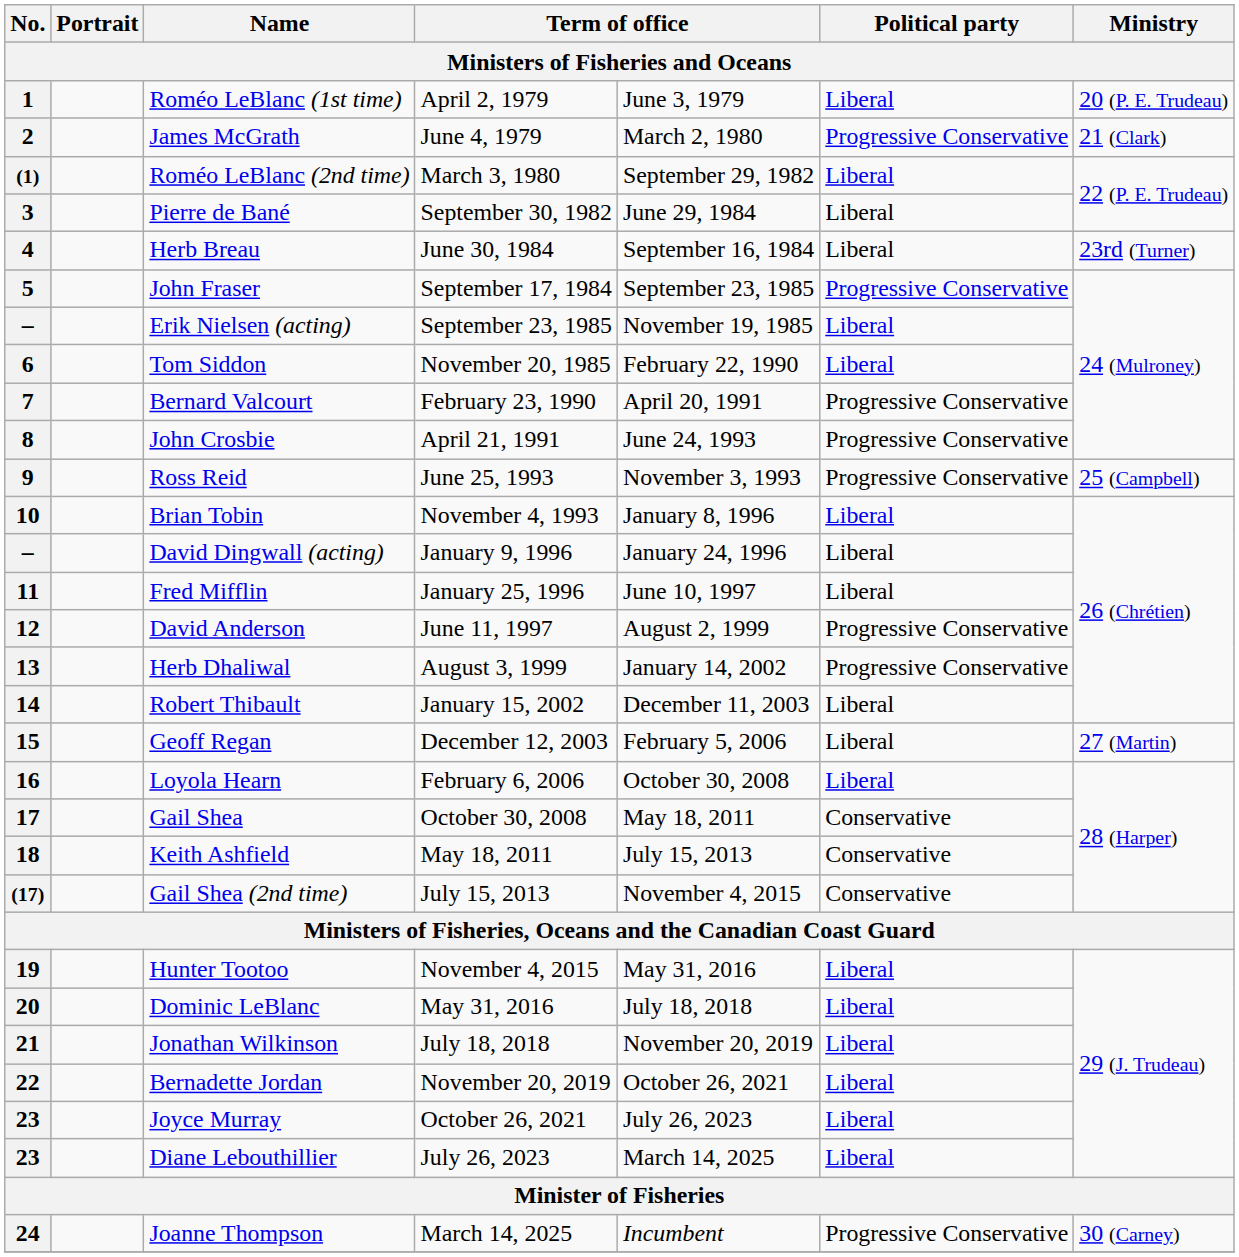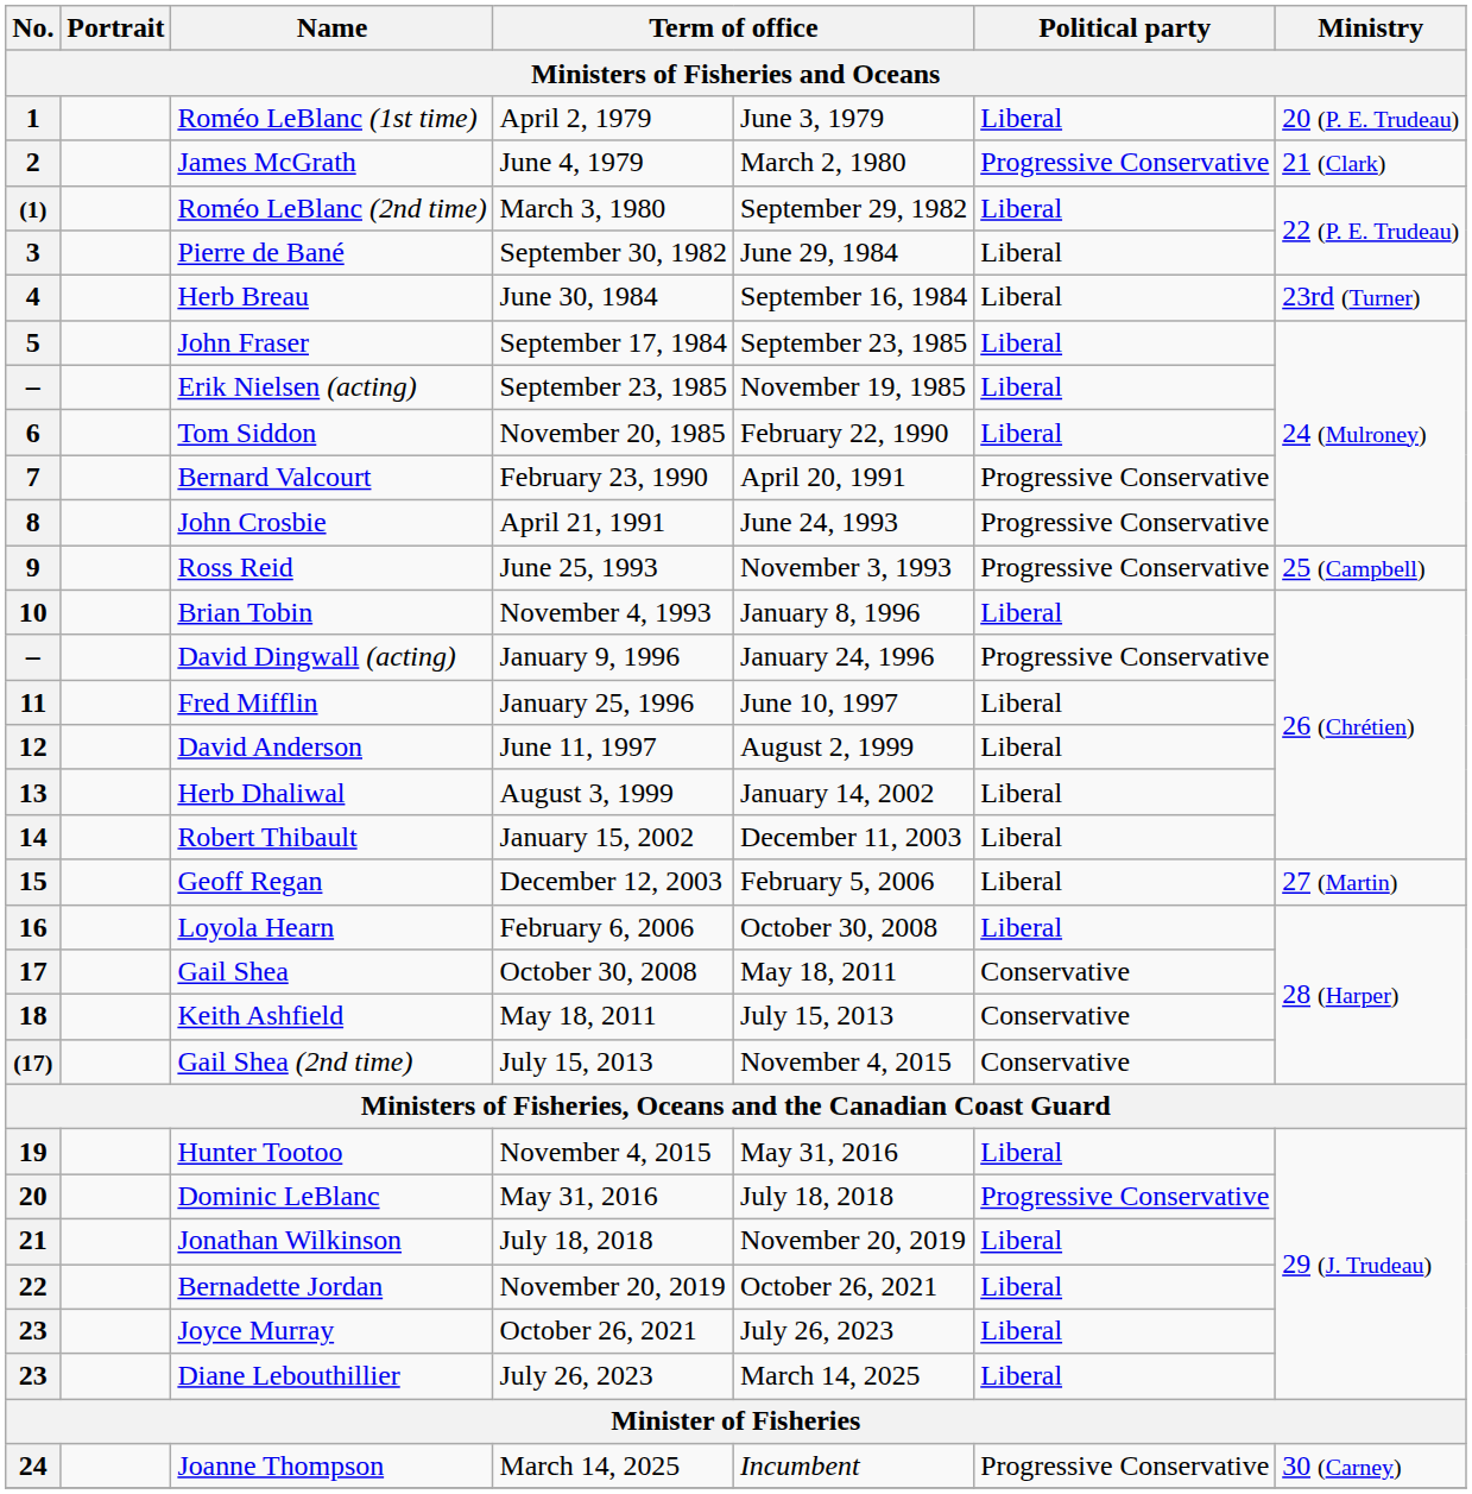 <table class="wikitable">
 <tr>
 <th>No.</th>
 <th>Portrait</th>
 <th>Name</th>
 <th colspan=2>Term of office</th>
 <th>Political party</th>
 <th>Ministry</th>
 </tr>
 <tr>
 <th colspan=7>Ministers of Fisheries and Oceans</th>
 </tr>
 <tr>
 <th style="background:">1</th>
 <td></td>
 <td><a href='#'>Roméo LeBlanc</a> <em>(1st time)</em></td>
 <td>April 2, 1979</td>
 <td>June 3, 1979</td>
 <td><a href='#'>Liberal</a></td>
 <td><a href='#'>20</a> <small>(<a href='#'>P. E. Trudeau</a>)</small></td>
 </tr>
 <tr>
 <th style="background:">2</th>
 <td></td>
 <td><a href='#'>James McGrath</a></td>
 <td>June 4, 1979</td>
 <td>March 2, 1980</td>
 <td><a href='#'>Progressive Conservative</a></td>
 <td><a href='#'>21</a> <small>(<a href='#'>Clark</a>)</small></td>
 </tr>
 <tr>
 <th style="background:"><small>(1)</small></th>
 <td></td>
 <td><a href='#'>Roméo LeBlanc</a> <em>(2nd time)</em></td>
 <td>March 3, 1980</td>
 <td>September 29, 1982</td>
 <td><a href='#'>Liberal</a></td>
 <td rowspan=2><a href='#'>22</a> <small>(<a href='#'>P. E. Trudeau</a>)</small></td>
 </tr>
 <tr>
 <th style="background:">3</th>
 <td></td>
 <td><a href='#'>Pierre de Bané</a></td>
 <td>September 30, 1982</td>
 <td>June 29, 1984</td>
 <td>Liberal</td>
 </tr>
 <tr>
 <th style="background:">4</th>
 <td></td>
 <td><a href='#'>Herb Breau</a></td>
 <td>June 30, 1984</td>
 <td>September 16, 1984</td>
 <td>Liberal</td>
 <td><a href='#'>23rd</a> <small>(<a href='#'>Turner</a>)</small></td>
 </tr>
 <tr>
 <th style="background:">5</th>
 <td></td>
 <td><a href='#'>John Fraser</a></td>
 <td>September 17, 1984</td>
 <td>September 23, 1985</td>
-<td><a href='#'>Progressive Conservative</a></td>
+<td><a href='#'>Liberal</a></td>
 <td rowspan=5><a href='#'>24</a> <small>(<a href='#'>Mulroney</a>)</small></td>
 </tr>
 <tr>
 <th style="background:">–</th>
 <td></td>
 <td><a href='#'>Erik Nielsen</a> <em>(acting)</em></td>
 <td>September 23, 1985</td>
 <td>November 19, 1985</td>
 <td><a href='#'>Liberal</a></td>
 </tr>
 <tr>
 <th style="background:">6</th>
 <td></td>
 <td><a href='#'>Tom Siddon</a></td>
 <td>November 20, 1985</td>
 <td>February 22, 1990</td>
 <td><a href='#'>Liberal</a></td>
 </tr>
 <tr>
 <th style="background:">7</th>
 <td></td>
 <td><a href='#'>Bernard Valcourt</a></td>
 <td>February 23, 1990</td>
 <td>April 20, 1991</td>
 <td>Progressive Conservative</td>
 </tr>
 <tr>
 <th style="background:">8</th>
 <td></td>
 <td><a href='#'>John Crosbie</a></td>
 <td>April 21, 1991</td>
 <td>June 24, 1993</td>
 <td>Progressive Conservative</td>
 </tr>
 <tr>
 <th style="background:">9</th>
 <td></td>
 <td><a href='#'>Ross Reid</a></td>
 <td>June 25, 1993</td>
 <td>November 3, 1993</td>
 <td>Progressive Conservative</td>
 <td><a href='#'>25</a> <small>(<a href='#'>Campbell</a>)</small></td>
 </tr>
 <tr>
 <th style="background:">10</th>
 <td></td>
 <td><a href='#'>Brian Tobin</a></td>
 <td>November 4, 1993</td>
 <td>January 8, 1996</td>
 <td><a href='#'>Liberal</a></td>
 <td rowspan=6><a href='#'>26</a> <small>(<a href='#'>Chrétien</a>)</small></td>
 </tr>
 <tr>
 <th style="background:">–</th>
 <td></td>
 <td><a href='#'>David Dingwall</a> <em>(acting)</em></td>
 <td>January 9, 1996</td>
 <td>January 24, 1996</td>
-<td>Liberal</td>
+<td>Progressive Conservative</td>
 </tr>
 <tr>
 <th style="background:">11</th>
 <td></td>
 <td><a href='#'>Fred Mifflin</a></td>
 <td>January 25, 1996</td>
 <td>June 10, 1997</td>
 <td>Liberal</td>
 </tr>
 <tr>
 <th style="background:">12</th>
 <td></td>
 <td><a href='#'>David Anderson</a></td>
 <td>June 11, 1997</td>
 <td>August 2, 1999</td>
-<td>Progressive Conservative</td>
+<td>Liberal</td>
 </tr>
 <tr>
 <th style="background:">13</th>
 <td></td>
 <td><a href='#'>Herb Dhaliwal</a></td>
 <td>August 3, 1999</td>
 <td>January 14, 2002</td>
-<td>Progressive Conservative</td>
+<td>Liberal</td>
 </tr>
 <tr>
 <th style="background:">14</th>
 <td></td>
 <td><a href='#'>Robert Thibault</a></td>
 <td>January 15, 2002</td>
 <td>December 11, 2003</td>
 <td>Liberal</td>
 </tr>
 <tr>
 <th style="background:">15</th>
 <td></td>
 <td><a href='#'>Geoff Regan</a></td>
 <td>December 12, 2003</td>
 <td>February 5, 2006</td>
 <td>Liberal</td>
 <td><a href='#'>27</a> <small>(<a href='#'>Martin</a>)</small></td>
 </tr>
 <tr>
 <th style="background:">16</th>
 <td></td>
 <td><a href='#'>Loyola Hearn</a></td>
 <td>February 6, 2006</td>
 <td>October 30, 2008</td>
 <td><a href='#'>Liberal</a></td>
 <td rowspan=4><a href='#'>28</a> <small>(<a href='#'>Harper</a>)</small></td>
 </tr>
 <tr>
 <th style="background:">17</th>
 <td></td>
 <td><a href='#'>Gail Shea</a></td>
 <td>October 30, 2008</td>
 <td>May 18, 2011</td>
 <td>Conservative</td>
 </tr>
 <tr>
 <th style="background:">18</th>
 <td></td>
 <td><a href='#'>Keith Ashfield</a></td>
 <td>May 18, 2011</td>
 <td>July 15, 2013</td>
 <td>Conservative</td>
 </tr>
 <tr>
 <th style="background:"><small>(17)</small></th>
 <td></td>
 <td><a href='#'>Gail Shea</a> <em>(2nd time)</em></td>
 <td>July 15, 2013</td>
 <td>November 4, 2015</td>
 <td>Conservative</td>
 </tr>
 <tr>
 <th colspan=7>Ministers of Fisheries, Oceans and the Canadian Coast Guard</th>
 </tr>
 <tr>
 <th style="background:">19</th>
 <td></td>
 <td><a href='#'>Hunter Tootoo</a></td>
 <td>November 4, 2015</td>
 <td>May 31, 2016</td>
 <td><a href='#'>Liberal</a></td>
 <td rowspan="6"><a href='#'>29</a> <small>(<a href='#'>J. Trudeau</a>)</small></td>
 </tr>
 <tr>
 <th style="background:">20</th>
 <td></td>
 <td><a href='#'>Dominic LeBlanc</a></td>
 <td>May 31, 2016</td>
 <td>July 18, 2018</td>
-<td><a href='#'>Liberal</a></td>
+<td><a href='#'>Progressive Conservative</a></td>
 </tr>
 <tr>
 <th style="background:">21</th>
 <td></td>
 <td><a href='#'>Jonathan Wilkinson</a></td>
 <td>July 18, 2018</td>
 <td>November 20, 2019</td>
 <td><a href='#'>Liberal</a></td>
 </tr>
 <tr>
 <th style="background:">22</th>
 <td></td>
 <td><a href='#'>Bernadette Jordan</a></td>
 <td>November 20, 2019</td>
 <td>October 26, 2021</td>
 <td><a href='#'>Liberal</a></td>
 </tr>
 <tr>
 <th style="background:">23</th>
 <td></td>
 <td><a href='#'>Joyce Murray</a></td>
 <td>October 26, 2021</td>
 <td>July 26, 2023</td>
 <td><a href='#'>Liberal</a></td>
 </tr>
 <tr>
 <th style="background:">23</th>
 <td></td>
 <td><a href='#'>Diane Lebouthillier</a></td>
 <td>July 26, 2023</td>
 <td>March 14, 2025</td>
 <td><a href='#'>Liberal</a></td>
 </tr>
 <tr>
 <th colspan=7>Minister of Fisheries</th>
 </tr>
 <tr>
 <th style="background:">24</th>
 <td></td>
 <td><a href='#'>Joanne Thompson</a></td>
 <td>March 14, 2025</td>
 <td><em>Incumbent</em></td>
 <td>Progressive Conservative</td>
 <td rowspan="1"><a href='#'>30</a> <small>(<a href='#'>Carney</a>)</small></td>
 </tr>
 <tr>
 </tr>
 </table>
